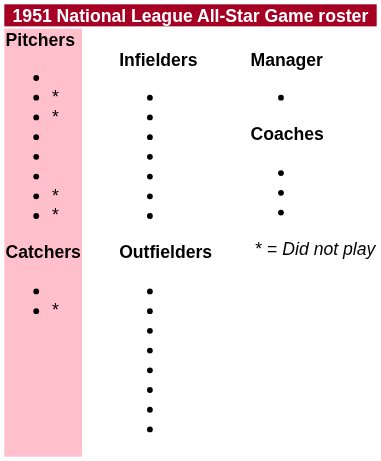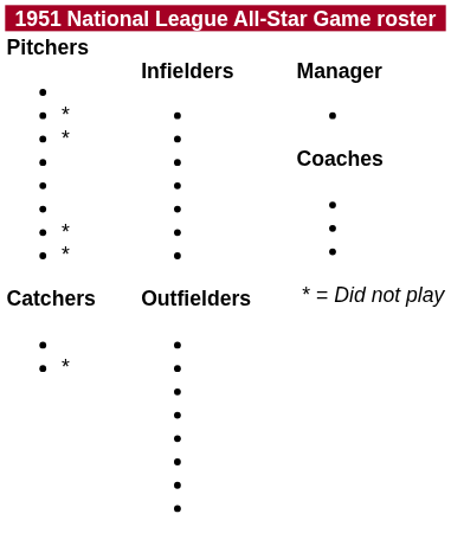 <table class="toccolours" style="font-size: 95%;">
 <tr>
 <th colspan=10 style="background-color: #A50024; color: #FFFFFF; text-align: center;">1951 National League All-Star Game roster</th>
 </tr>
 <tr>
-<td valign="top" style="background: pink;"><strong>Pitchers</strong><br><ul><li></li><li> *</li><li> *</li><li></li><li></li><li></li><li> *</li><li> *</li></ul><strong>Catchers</strong><ul><li></li><li> *</li></ul></td>
+<td valign="top"><strong>Pitchers</strong><br><ul><li></li><li> *</li><li> *</li><li></li><li></li><li></li><li> *</li><li> *</li></ul><strong>Catchers</strong><ul><li></li><li> *</li></ul></td>
 <td width="25px"></td>
 <td valign="top"><br><strong>Infielders</strong><ul><li></li><li></li><li></li><li></li><li></li><li></li><li></li></ul><strong>Outfielders</strong><ul><li></li><li></li><li></li><li></li><li></li><li></li><li></li><li></li></ul></td>
 <td width="25px"></td>
 <td valign="top"><br><strong>Manager</strong><ul><li></li></ul><strong>Coaches</strong><ul><li></li><li></li><li></li></ul> * = <em>Did not play</em></td>
 </tr>
 <tr>
 </tr>
 </table>
